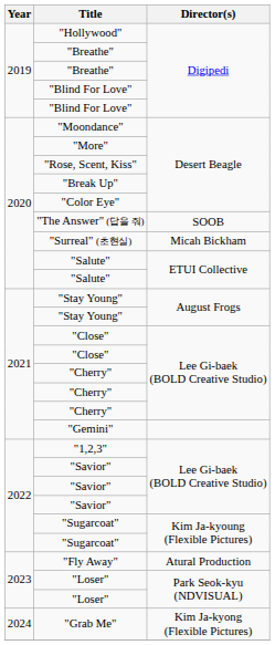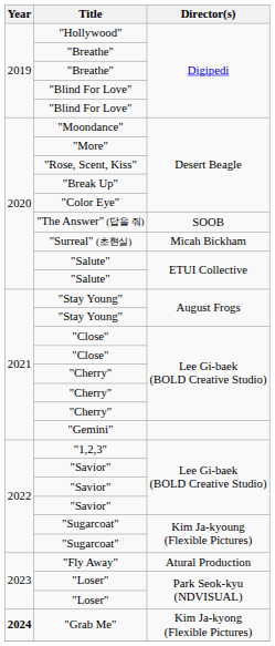 <table class="wikitable plainrowheaders" style="text-align:center;">
 <tr>
 <th>Year</th>
 <th scope="col">Title</th>
 <th>Director(s)</th>
 </tr>
 <tr>
 <td rowspan="5">2019</td>
 <td scope="row">"Hollywood" <br> </td>
 <td rowspan="5"><a href='#'>Digipedi</a></td>
 </tr>
 <tr>
 <td scope="row">"Breathe"</td>
 </tr>
 <tr>
 <td scope="row">"Breathe" <br> </td>
 </tr>
 <tr>
 <td scope="row">"Blind For Love"</td>
 </tr>
 <tr>
 <td scope="row">"Blind For Love" <br> </td>
 </tr>
 <tr>
 <td rowspan="9">2020</td>
 <td scope="row">"Moondance"</td>
 <td rowspan="5">Desert Beagle</td>
 </tr>
 <tr>
 <td scope="row">"More"</td>
 </tr>
 <tr>
 <td scope="row">"Rose, Scent, Kiss"</td>
 </tr>
 <tr>
 <td scope="row">"Break Up"</td>
 </tr>
 <tr>
 <td scope="row">"Color Eye"</td>
 </tr>
 <tr>
 <td scope="row">"The Answer"<small> (답을 줘)</small></td>
 <td>SOOB</td>
 </tr>
 <tr>
 <td scope="row">"Surreal" <small>(초현실)</small><br> </td>
 <td>Micah Bickham</td>
 </tr>
 <tr>
 <td scope="row">"Salute"</td>
 <td rowspan="2">ETUI Collective</td>
 </tr>
 <tr>
 <td scope="row">"Salute" </td>
 </tr>
 <tr>
 <td rowspan="8">2021</td>
 <td>"Stay Young" </td>
 <td rowspan="2">August Frogs</td>
 </tr>
 <tr>
 <td>"Stay Young" </td>
 </tr>
 <tr>
 <td>"Close" </td>
 <td rowspan="5">Lee Gi-baek<br> (BOLD Creative Studio)</td>
 </tr>
 <tr>
 <td>"Close"  </td>
 </tr>
 <tr>
 <td>"Cherry"</td>
 </tr>
 <tr>
 <td>"Cherry" </td>
 </tr>
 <tr>
 <td>"Cherry" <br> </td>
 </tr>
 <tr>
 <td>"Gemini"</td>
 <td></td>
 </tr>
 <tr>
 <td rowspan="6">2022</td>
 <td>"1,2,3" <br> </td>
 <td rowspan="4">Lee Gi-baek<br> (BOLD Creative Studio)</td>
 </tr>
 <tr>
 <td>"Savior"</td>
 </tr>
 <tr>
 <td>"Savior" <br> </td>
 </tr>
 <tr>
 <td>"Savior" <br> </td>
 </tr>
 <tr>
 <td>"Sugarcoat"</td>
 <td rowspan="2">Kim Ja-kyoung<br> (Flexible Pictures)</td>
 </tr>
 <tr>
 <td>"Sugarcoat"<br> </td>
 </tr>
 <tr>
 <td rowspan="3">2023</td>
 <td>"Fly Away"</td>
 <td>Atural Production</td>
 </tr>
 <tr>
 <td>"Loser"</td>
 <td rowspan="2">Park Seok-kyu<br>(NDVISUAL)</td>
 </tr>
 <tr>
 <td>"Loser" <br> </td>
 </tr>
 <tr>
-<td>2024</td>
+<td><strong>2024</strong></td>
 <td>"Grab Me"</td>
 <td>Kim Ja-kyong<br>(Flexible Pictures)</td>
 </tr>
 <tr>
 </tr>
 </table>
